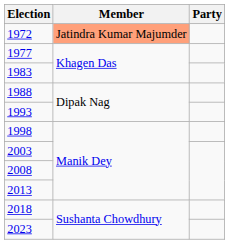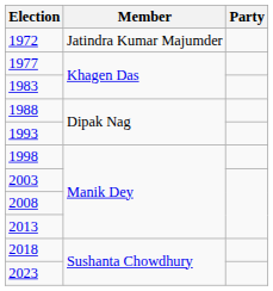 <table class="wikitable sortable">
 <tr>
 <th>Election</th>
 <th>Member</th>
 <th colspan=2>Party</th>
 </tr>
 <tr>
 <td><a href='#'>1972</a></td>
-<td style="background: lightsalmon;">Jatindra Kumar Majumder</td>
+<td>Jatindra Kumar Majumder</td>
 <td></td>
 </tr>
 <tr>
 <td><a href='#'>1977</a></td>
 <td rowspan=2><a href='#'>Khagen Das</a></td>
 <td></td>
 </tr>
 <tr>
 <td><a href='#'>1983</a></td>
 </tr>
 <tr>
 <td><a href='#'>1988</a></td>
 <td rowspan=2>Dipak Nag</td>
 <td></td>
 </tr>
 <tr>
 <td><a href='#'>1993</a></td>
 </tr>
 <tr>
 <td><a href='#'>1998</a></td>
 <td rowspan=4><a href='#'>Manik Dey</a></td>
 <td></td>
 </tr>
 <tr>
 <td><a href='#'>2003</a></td>
 </tr>
 <tr>
 <td><a href='#'>2008</a></td>
 </tr>
 <tr>
 <td><a href='#'>2013</a></td>
 </tr>
 <tr>
 <td><a href='#'>2018</a></td>
 <td rowspan=2><a href='#'>Sushanta Chowdhury</a></td>
 <td></td>
 </tr>
 <tr>
 <td><a href='#'>2023</a></td>
 </tr>
 </table>
